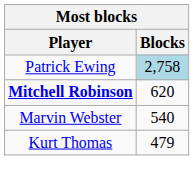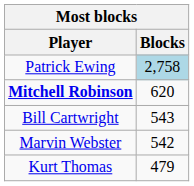 <table class="wikitable sortable" style="text-align:center">
 <tr>
 <th colspan="2" style="text-align:center; ">Most blocks</th>
 </tr>
 <tr>
 <th style="text-align:center; ">Player</th>
 <th style="text-align:center; ">Blocks</th>
 </tr>
 <tr>
 <td><a href='#'>Patrick Ewing</a></td>
 <td style="background: lightblue;">2,758</td>
 </tr>
 <tr>
 <td><strong><a href='#'>Mitchell Robinson</a></strong></td>
 <td>620</td>
 </tr>
 <tr>
+<td><a href='#'>Bill Cartwright</a></td>
+<td>543</td>
+</tr>
+<tr>
 <td><a href='#'>Marvin Webster</a></td>
-<td>540</td>
+<td>542</td>
 </tr>
 <tr>
 <td><a href='#'>Kurt Thomas</a></td>
 <td>479</td>
 </tr>
 </table>
